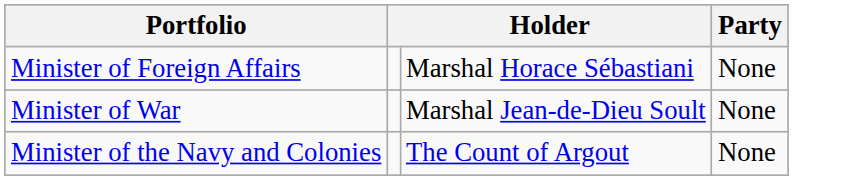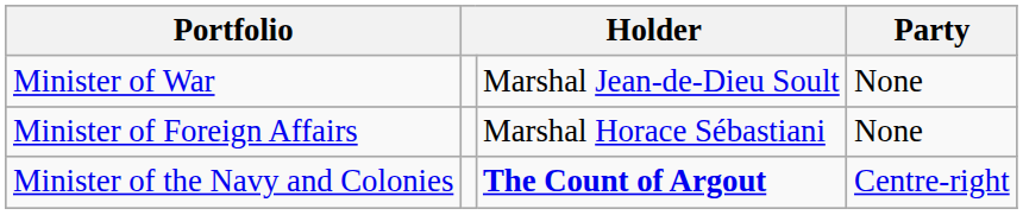 <table class="wikitable">
 <tr>
 <th>Portfolio</th>
 <th colspan=2>Holder</th>
 <th>Party</th>
+</tr>
+<tr>
+<td><a href='#'>Minister of War</a></td>
+<td style="background:"></td>
+<td>Marshal <a href='#'>Jean-de-Dieu Soult</a></td>
+<td>None</td>
 </tr>
 <tr>
 <td><a href='#'>Minister of Foreign Affairs</a></td>
 <td style="background:"></td>
 <td>Marshal <a href='#'>Horace Sébastiani</a></td>
 <td>None</td>
 </tr>
 <tr>
-<td><a href='#'>Minister of War</a></td>
-<td style="background:"></td>
-<td>Marshal <a href='#'>Jean-de-Dieu Soult</a></td>
-<td>None</td>
-</tr>
-<tr>
 <td><a href='#'>Minister of the Navy and Colonies</a></td>
 <td style="background:"></td>
-<td><a href='#'>The Count of Argout</a></td>
-<td>None</td>
+<td><strong><a href='#'>The Count of Argout</a></strong></td>
+<td><a href='#'>Centre-right</a></td>
 </tr>
 </table>
